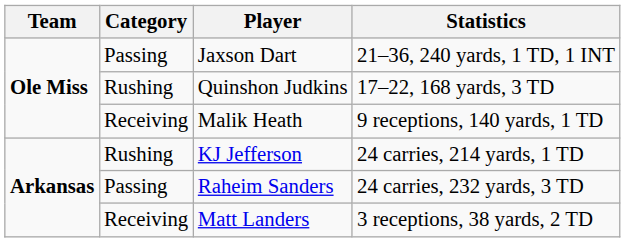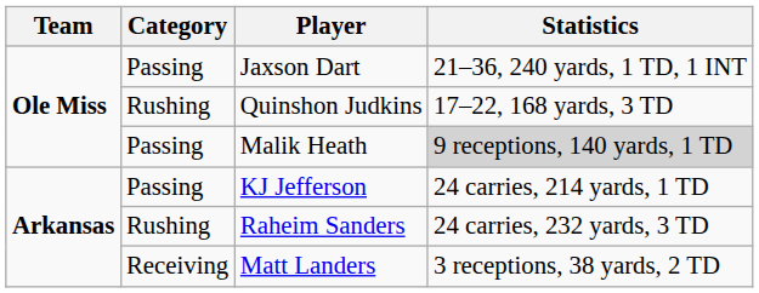 <table class="wikitable" style="float: right;">
 <tr>
 <th>Team</th>
 <th>Category</th>
 <th>Player</th>
 <th>Statistics</th>
 </tr>
 <tr>
 <td rowspan=3><strong>Ole Miss</strong></td>
 <td>Passing</td>
 <td>Jaxson Dart</td>
 <td>21–36, 240 yards, 1 TD, 1 INT</td>
 </tr>
 <tr>
 <td>Rushing</td>
 <td>Quinshon Judkins</td>
 <td>17–22, 168 yards, 3 TD</td>
 </tr>
 <tr>
-<td>Receiving</td>
+<td>Passing</td>
 <td>Malik Heath</td>
-<td>9 receptions, 140 yards, 1 TD</td>
+<td style="background: lightgrey;">9 receptions, 140 yards, 1 TD</td>
 </tr>
 <tr>
 <td rowspan=3><strong>Arkansas</strong></td>
-<td>Rushing</td>
+<td>Passing</td>
 <td><a href='#'>KJ Jefferson</a></td>
 <td>24 carries, 214 yards, 1 TD</td>
 </tr>
 <tr>
-<td>Passing</td>
+<td>Rushing</td>
 <td><a href='#'>Raheim Sanders</a></td>
 <td>24 carries, 232 yards, 3 TD</td>
 </tr>
 <tr>
 <td>Receiving</td>
 <td><a href='#'>Matt Landers</a></td>
 <td>3 receptions, 38 yards, 2 TD</td>
 </tr>
 </table>
